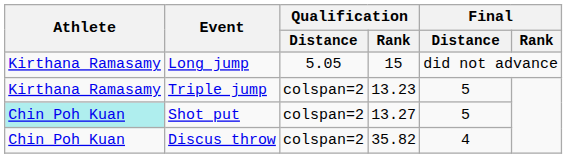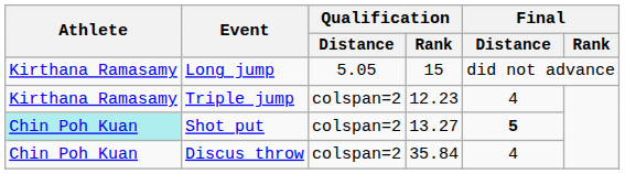 <table class=wikitable style="font-size:90%">
 <tr>
 <th rowspan=2>Athlete</th>
 <th rowspan=2>Event</th>
 <th colspan=2>Qualification</th>
 <th colspan=2>Final</th>
 </tr>
 <tr style="font-size:95%">
 <th>Distance</th>
 <th>Rank</th>
 <th>Distance</th>
 <th>Rank</th>
 </tr>
 <tr align=center>
 <td align=left><a href='#'>Kirthana Ramasamy</a></td>
 <td align=left><a href='#'>Long jump</a></td>
 <td>5.05</td>
 <td>15</td>
 <td colspan=2>did not advance</td>
 </tr>
 <tr align=center>
 <td align=left><a href='#'>Kirthana Ramasamy</a></td>
 <td align=left><a href='#'>Triple jump</a></td>
 <td>colspan=2 </td>
-<td>13.23</td>
-<td>5</td>
+<td>12.23</td>
+<td>4</td>
 </tr>
 <tr align=center>
 <td align=left style="background: paleturquoise;"><a href='#'>Chin Poh Kuan</a></td>
 <td align=left><a href='#'>Shot put</a></td>
 <td>colspan=2 </td>
 <td>13.27</td>
-<td>5</td>
+<td><strong>5</strong></td>
 </tr>
 <tr align=center>
 <td align=left><a href='#'>Chin Poh Kuan</a></td>
 <td align=left><a href='#'>Discus throw</a></td>
 <td>colspan=2 </td>
-<td>35.82</td>
+<td>35.84</td>
 <td>4</td>
 </tr>
 </table>
